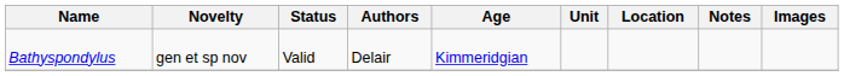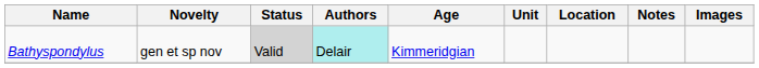 <table class="wikitable sortable" align="center" width="100%">
 <tr>
 <th>Name</th>
 <th>Novelty</th>
 <th>Status</th>
 <th>Authors</th>
 <th>Age</th>
 <th>Unit</th>
 <th>Location</th>
 <th>Notes</th>
 <th>Images</th>
 </tr>
 <tr>
 <td><br><em><a href='#'>Bathyspondylus</a></em></td>
 <td><br>gen et sp nov</td>
-<td><br>Valid</td>
-<td><br>Delair</td>
+<td style="background: lightgrey;"><br>Valid</td>
+<td style="background: paleturquoise;"><br>Delair</td>
 <td><br><a href='#'>Kimmeridgian</a></td>
 <td></td>
 <td><br></td>
 <td></td>
 <td></td>
 </tr>
 <tr>
 </tr>
 </table>
